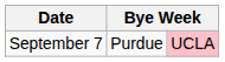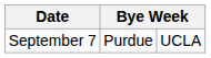 <table class="wikitable" style="font-size:95%;">
 <tr>
 <th>Date</th>
 <th colspan="2">Bye Week</th>
 </tr>
 <tr>
 <td>September 7</td>
 <td>Purdue</td>
-<td style="background: pink;">UCLA</td>
+<td>UCLA</td>
 </tr>
 </table>
